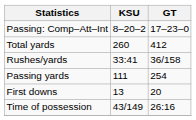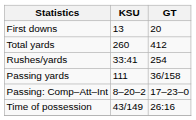 <table class="wikitable" style="float: left;">
 <tr>
 <th>Statistics</th>
 <th>KSU</th>
 <th>GT</th>
 </tr>
 <tr>
-<td>Passing: Comp–Att–Int</td>
-<td>8–20–2</td>
-<td>17–23–0</td>
+<td>First downs</td>
+<td>13</td>
+<td>20</td>
 </tr>
 <tr>
 <td>Total yards</td>
 <td>260</td>
 <td>412</td>
 </tr>
 <tr>
 <td>Rushes/yards</td>
 <td>33:41</td>
-<td>36/158</td>
+<td>254</td>
 </tr>
 <tr>
 <td>Passing yards</td>
 <td>111</td>
-<td>254</td>
+<td>36/158</td>
 </tr>
 <tr>
-<td>First downs</td>
-<td>13</td>
-<td>20</td>
+<td>Passing: Comp–Att–Int</td>
+<td>8–20–2</td>
+<td>17–23–0</td>
 </tr>
 <tr>
 <td>Time of possession</td>
 <td>43/149</td>
 <td>26:16</td>
 </tr>
 <tr>
 </tr>
 </table>
